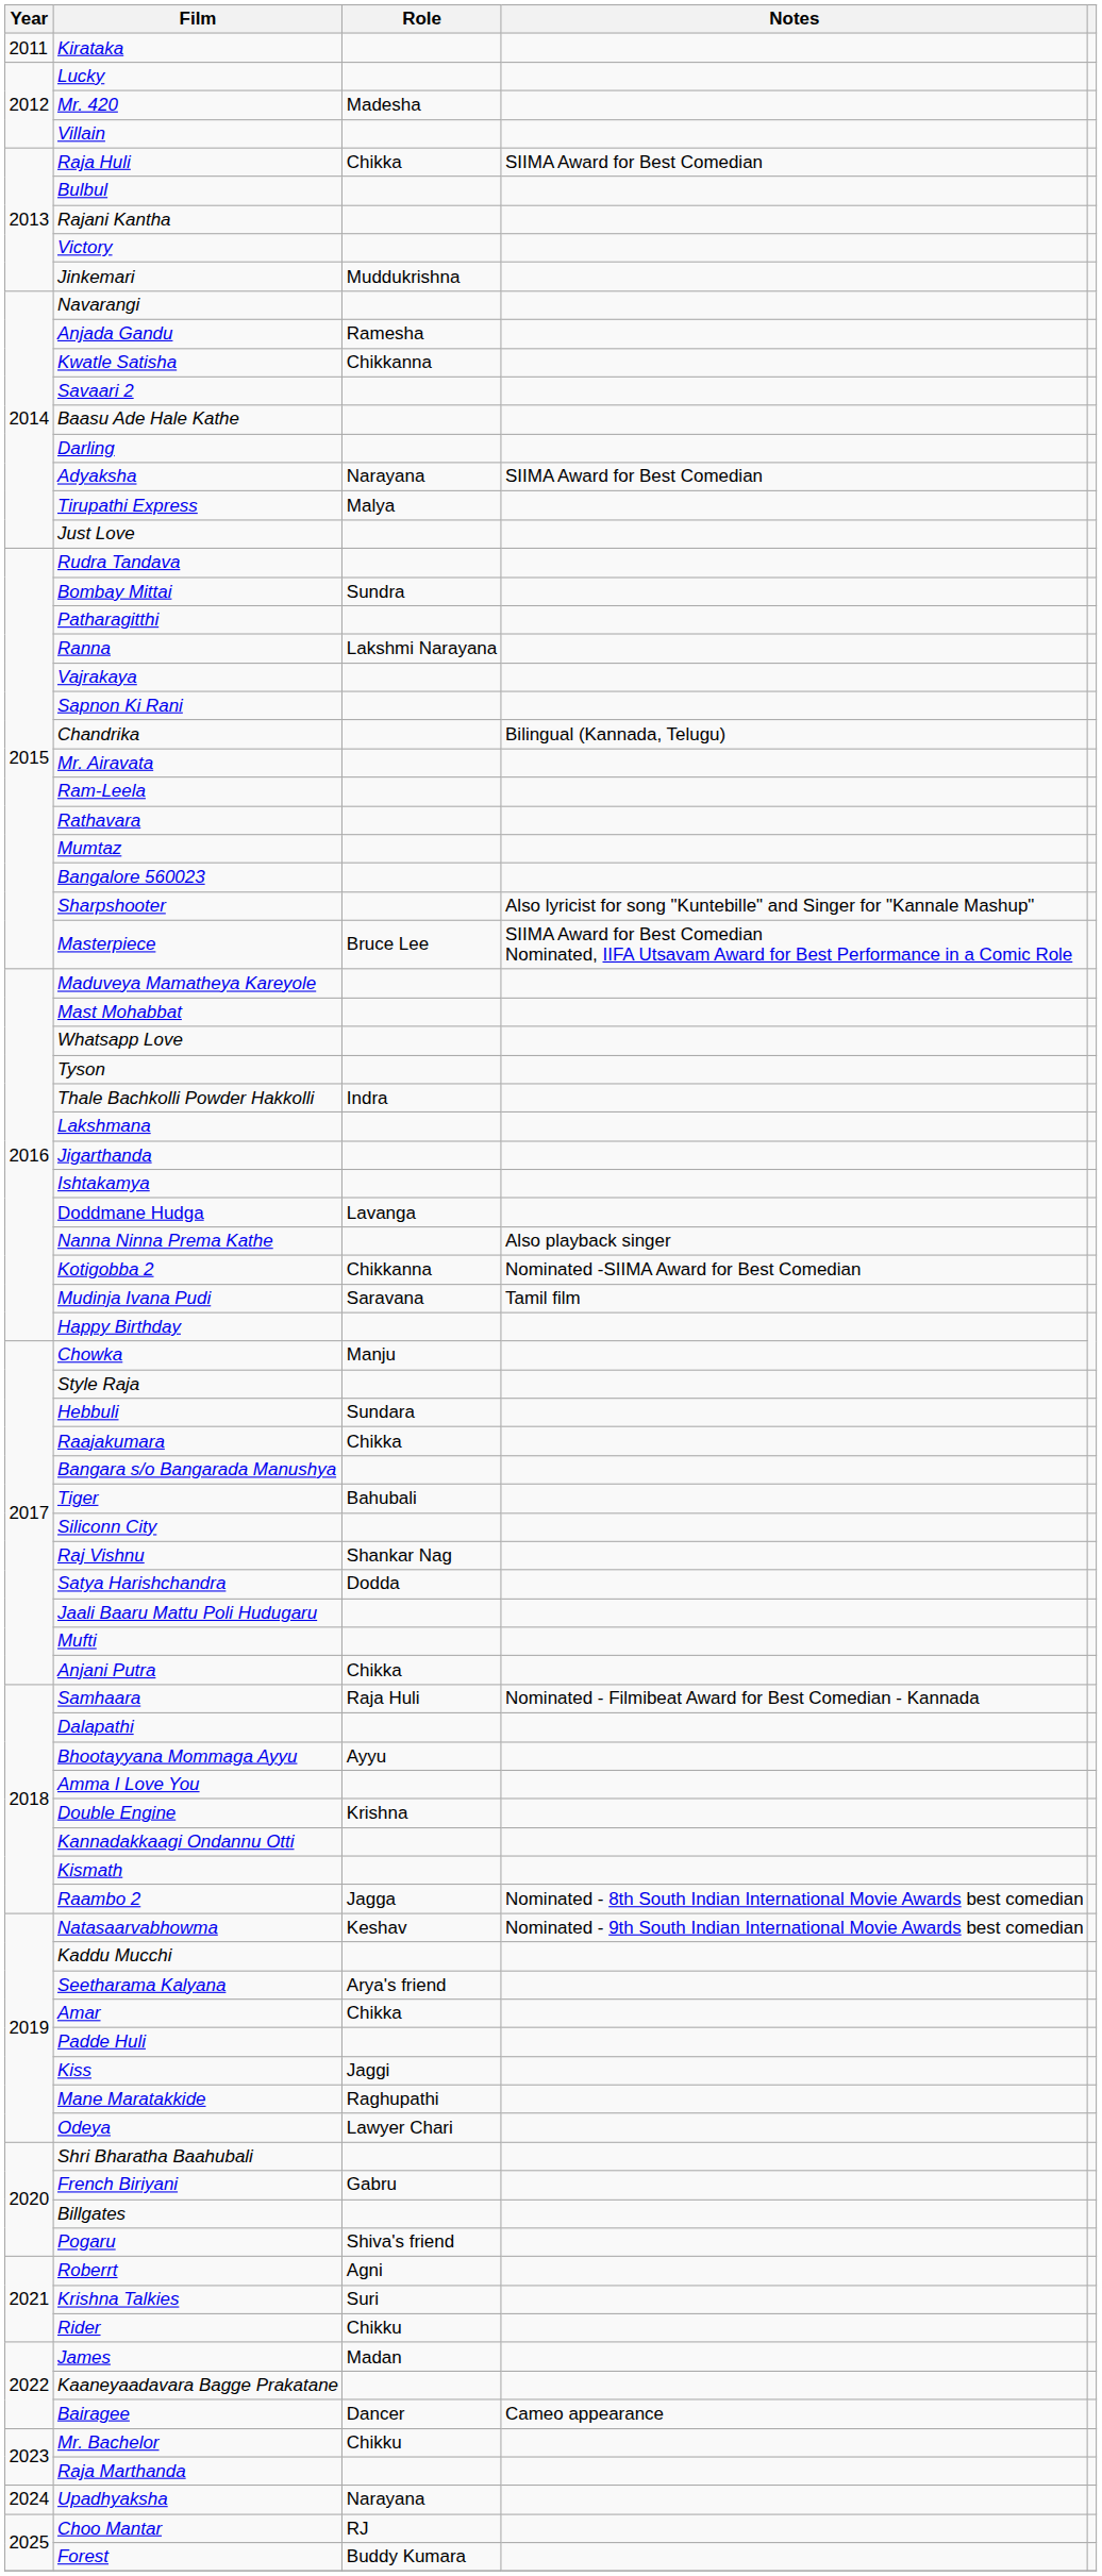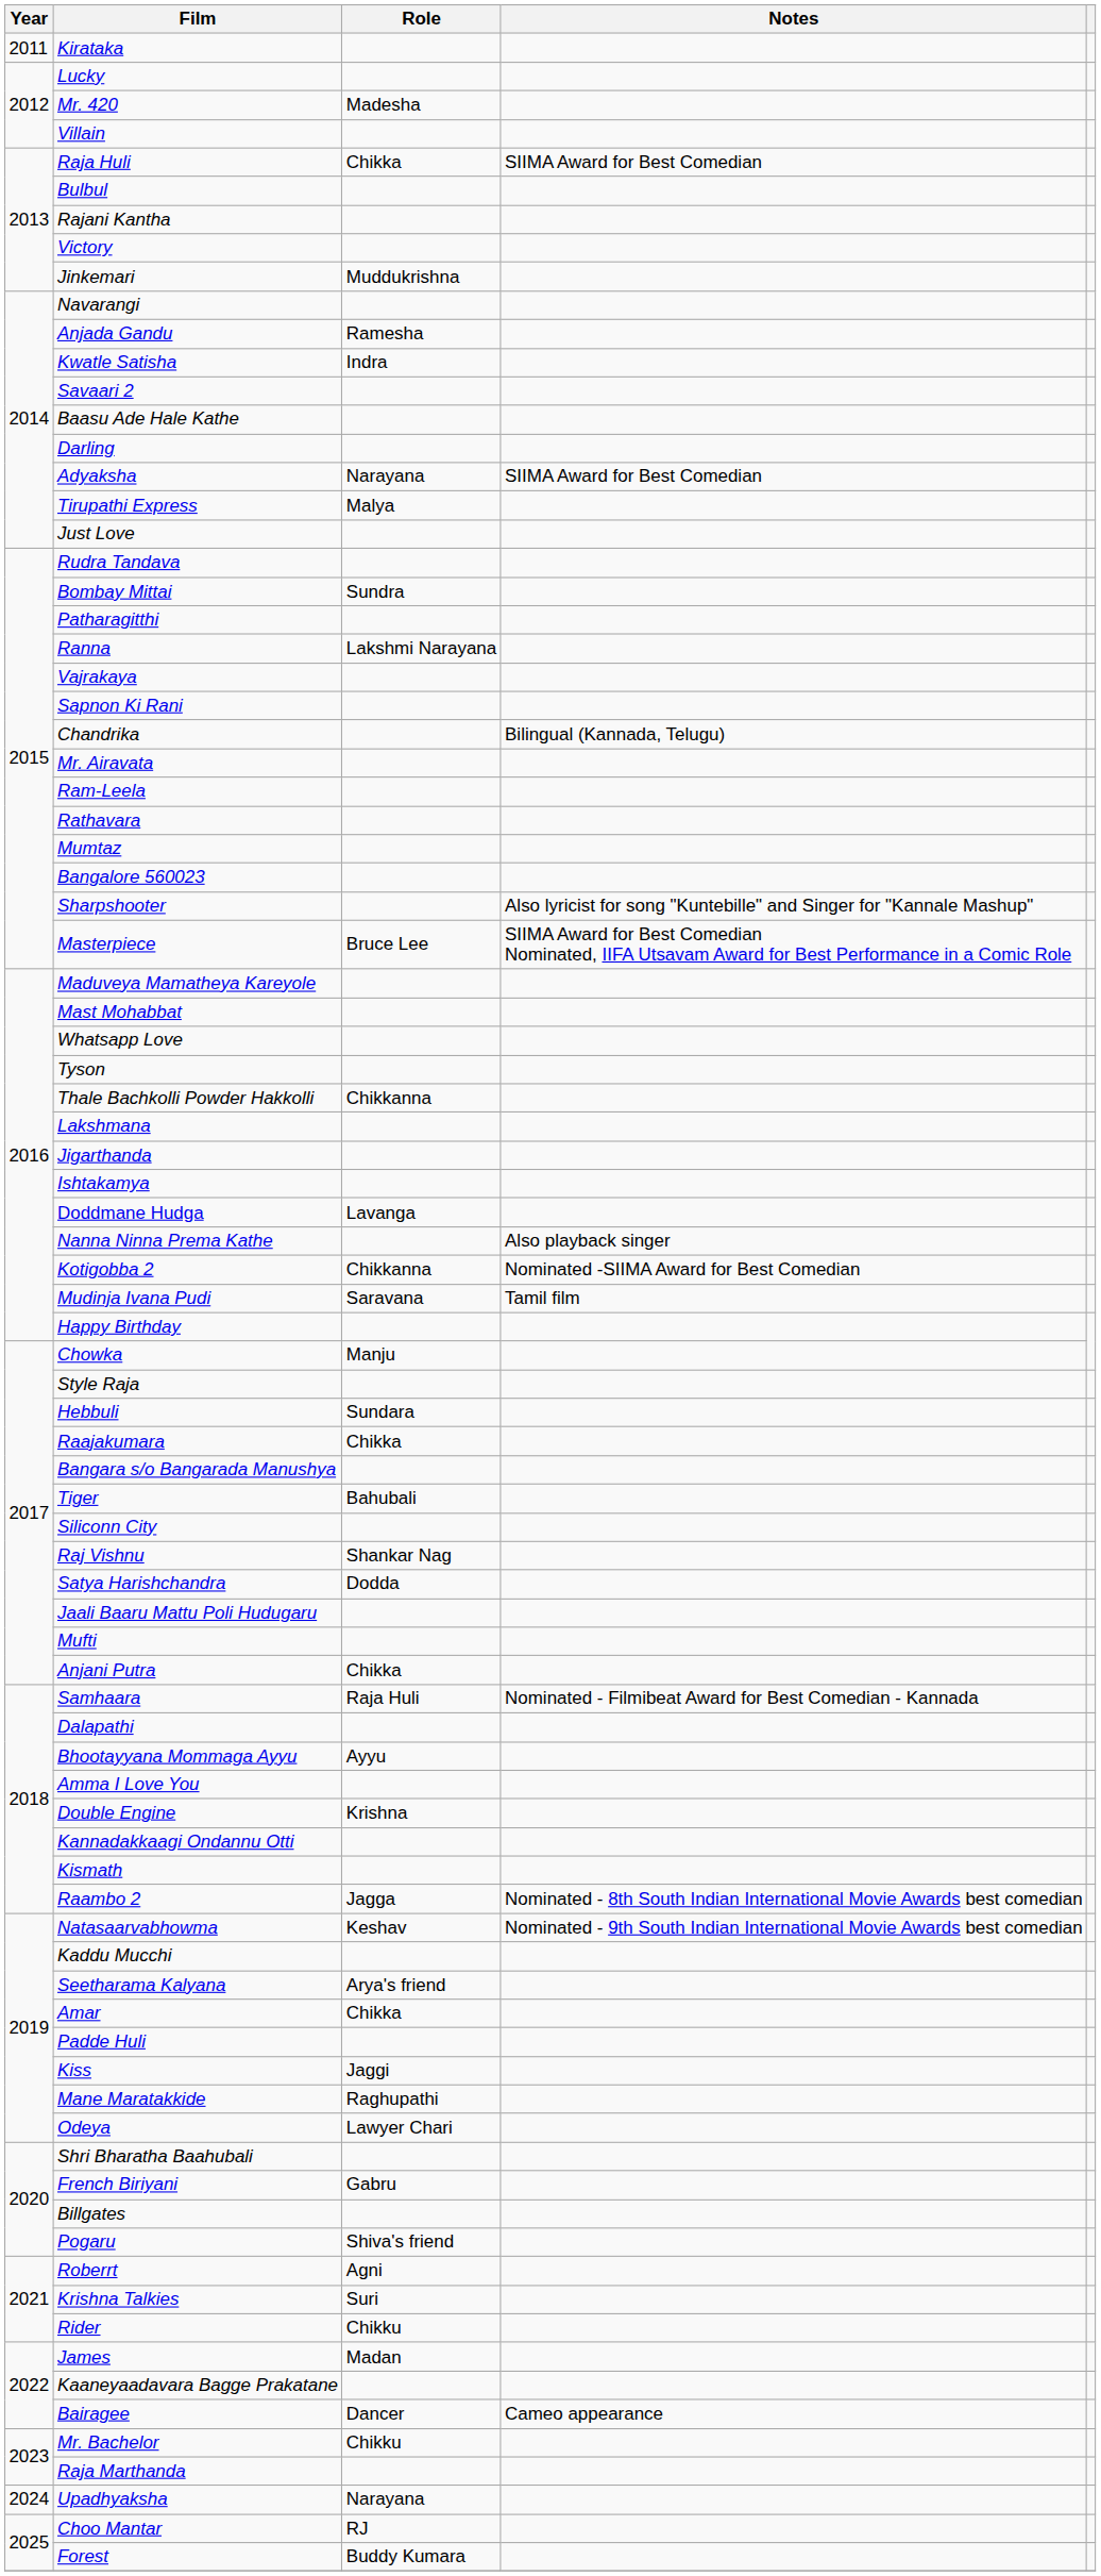 <table class="wikitable sortable">
 <tr>
 <th>Year</th>
 <th>Film</th>
 <th>Role</th>
 <th class="unsortable">Notes</th>
 <th></th>
 </tr>
 <tr>
 <td>2011</td>
 <td><em><a href='#'>Kirataka</a></em></td>
 <td></td>
 <td></td>
 <td></td>
 </tr>
 <tr>
 <td rowspan="3">2012</td>
 <td><em><a href='#'>Lucky</a></em></td>
 <td></td>
 <td></td>
 <td></td>
 </tr>
 <tr>
 <td><em><a href='#'>Mr. 420</a></em></td>
 <td>Madesha</td>
 <td></td>
 <td></td>
 </tr>
 <tr>
 <td><em><a href='#'>Villain</a></em></td>
 <td></td>
 <td></td>
 <td></td>
 </tr>
 <tr>
 <td rowspan="5">2013</td>
 <td><em><a href='#'>Raja Huli</a></em></td>
 <td>Chikka</td>
 <td>SIIMA Award for Best Comedian</td>
 <td></td>
 </tr>
 <tr>
 <td><em><a href='#'>Bulbul</a></em></td>
 <td></td>
 <td></td>
 <td></td>
 </tr>
 <tr>
 <td><em>Rajani Kantha </em></td>
 <td></td>
 <td></td>
 <td></td>
 </tr>
 <tr>
 <td><em><a href='#'>Victory</a></em></td>
 <td></td>
 <td></td>
 <td></td>
 </tr>
 <tr>
 <td><em>Jinkemari </em></td>
 <td>Muddukrishna</td>
 <td></td>
 <td></td>
 </tr>
 <tr>
 <td rowspan="9">2014</td>
 <td><em>Navarangi</em></td>
 <td></td>
 <td></td>
 <td></td>
 </tr>
 <tr>
 <td><em><a href='#'>Anjada Gandu</a></em></td>
 <td>Ramesha</td>
 <td></td>
 <td></td>
 </tr>
 <tr>
 <td><em><a href='#'>Kwatle Satisha</a></em></td>
-<td>Chikkanna</td>
+<td>Indra</td>
 <td></td>
 <td></td>
 </tr>
 <tr>
 <td><em><a href='#'>Savaari 2</a></em></td>
 <td></td>
 <td></td>
 <td></td>
 </tr>
 <tr>
 <td><em>Baasu Ade Hale Kathe</em></td>
 <td></td>
 <td></td>
 <td></td>
 </tr>
 <tr>
 <td><em><a href='#'>Darling</a></em></td>
 <td></td>
 <td></td>
 <td></td>
 </tr>
 <tr>
 <td><em><a href='#'>Adyaksha</a></em></td>
 <td>Narayana</td>
 <td>SIIMA Award for Best Comedian</td>
 <td></td>
 </tr>
 <tr>
 <td><em><a href='#'>Tirupathi Express</a></em></td>
 <td>Malya</td>
 <td></td>
 <td></td>
 </tr>
 <tr>
 <td><em>Just Love</em></td>
 <td></td>
 <td></td>
 <td></td>
 </tr>
 <tr>
 <td rowspan="14">2015</td>
 <td><em><a href='#'>Rudra Tandava</a></em></td>
 <td></td>
 <td></td>
 <td></td>
 </tr>
 <tr>
 <td><em><a href='#'>Bombay Mittai</a></em></td>
 <td>Sundra</td>
 <td></td>
 <td></td>
 </tr>
 <tr>
 <td><em><a href='#'>Patharagitthi</a></em></td>
 <td></td>
 <td></td>
 <td></td>
 </tr>
 <tr>
 <td><em><a href='#'>Ranna</a></em></td>
 <td>Lakshmi Narayana</td>
 <td></td>
 <td></td>
 </tr>
 <tr>
 <td><em><a href='#'>Vajrakaya</a></em></td>
 <td></td>
 <td></td>
 <td></td>
 </tr>
 <tr>
 <td><em><a href='#'>Sapnon Ki Rani</a></em></td>
 <td></td>
 <td></td>
 <td></td>
 </tr>
 <tr>
 <td><em>Chandrika</em></td>
 <td></td>
 <td>Bilingual (Kannada, Telugu)</td>
 <td></td>
 </tr>
 <tr>
 <td><em><a href='#'>Mr. Airavata</a></em></td>
 <td></td>
 <td></td>
 <td></td>
 </tr>
 <tr>
 <td><em><a href='#'>Ram-Leela</a></em></td>
 <td></td>
 <td></td>
 <td></td>
 </tr>
 <tr>
 <td><em><a href='#'>Rathavara</a></em></td>
 <td></td>
 <td></td>
 <td></td>
 </tr>
 <tr>
 <td><em><a href='#'>Mumtaz</a></em></td>
 <td></td>
 <td></td>
 <td></td>
 </tr>
 <tr>
 <td><em><a href='#'>Bangalore 560023</a></em></td>
 <td></td>
 <td></td>
 <td></td>
 </tr>
 <tr>
 <td><em><a href='#'>Sharpshooter</a></em></td>
 <td></td>
 <td>Also lyricist for song "Kuntebille" and Singer for "Kannale Mashup"</td>
 <td></td>
 </tr>
 <tr>
 <td><em><a href='#'>Masterpiece</a></em></td>
 <td>Bruce Lee</td>
 <td>SIIMA Award for Best Comedian<br>Nominated, <a href='#'>IIFA Utsavam Award for Best Performance in a Comic Role</a></td>
 <td></td>
 </tr>
 <tr>
 <td rowspan="13">2016</td>
 <td><em><a href='#'>Maduveya Mamatheya Kareyole</a></em></td>
 <td></td>
 <td></td>
 <td></td>
 </tr>
 <tr>
 <td><em><a href='#'>Mast Mohabbat</a></em></td>
 <td></td>
 <td></td>
 <td></td>
 </tr>
 <tr>
 <td><em>Whatsapp Love</em></td>
 <td></td>
 <td></td>
 <td></td>
 </tr>
 <tr>
 <td><em>Tyson</em></td>
 <td></td>
 <td></td>
 <td></td>
 </tr>
 <tr>
 <td><em>Thale Bachkolli Powder Hakkolli</em></td>
-<td>Indra</td>
+<td>Chikkanna</td>
 <td></td>
 <td></td>
 </tr>
 <tr>
 <td><em><a href='#'>Lakshmana</a></em></td>
 <td></td>
 <td></td>
 <td></td>
 </tr>
 <tr>
 <td><em><a href='#'>Jigarthanda</a></em></td>
 <td></td>
 <td></td>
 <td></td>
 </tr>
 <tr>
 <td><em><a href='#'>Ishtakamya</a></em></td>
 <td></td>
 <td></td>
 <td></td>
 </tr>
 <tr>
 <td><a href='#'>Doddmane Hudga</a></td>
 <td>Lavanga</td>
 <td></td>
 <td></td>
 </tr>
 <tr>
 <td><em><a href='#'>Nanna Ninna Prema Kathe</a></em></td>
 <td></td>
 <td>Also playback singer</td>
 <td></td>
 </tr>
 <tr>
 <td><em><a href='#'>Kotigobba 2</a></em></td>
 <td>Chikkanna</td>
 <td>Nominated -SIIMA Award for Best Comedian</td>
 <td></td>
 </tr>
 <tr>
 <td><em><a href='#'>Mudinja Ivana Pudi</a></em></td>
 <td>Saravana</td>
 <td>Tamil film</td>
 <td></td>
 </tr>
 <tr>
 <td><em><a href='#'>Happy Birthday</a></em></td>
 <td></td>
 <td></td>
 </tr>
 <tr>
 <td rowspan="12">2017</td>
 <td><em><a href='#'>Chowka</a></em></td>
 <td>Manju</td>
 <td></td>
 </tr>
 <tr>
 <td><em>Style Raja</em></td>
 <td></td>
 <td></td>
 <td></td>
 </tr>
 <tr>
 <td><em><a href='#'>Hebbuli</a></em></td>
 <td>Sundara</td>
 <td></td>
 <td></td>
 </tr>
 <tr>
 <td><em><a href='#'>Raajakumara</a></em></td>
 <td>Chikka</td>
 <td></td>
 <td></td>
 </tr>
 <tr>
 <td><em><a href='#'>Bangara s/o Bangarada Manushya</a></em></td>
 <td></td>
 <td></td>
 <td></td>
 </tr>
 <tr>
 <td><em><a href='#'>Tiger</a></em></td>
 <td>Bahubali</td>
 <td></td>
 <td></td>
 </tr>
 <tr>
 <td><em><a href='#'>Siliconn City</a></em></td>
 <td></td>
 <td></td>
 <td></td>
 </tr>
 <tr>
 <td><em><a href='#'>Raj Vishnu</a></em></td>
 <td>Shankar Nag</td>
 <td></td>
 <td></td>
 </tr>
 <tr>
 <td><em><a href='#'>Satya Harishchandra</a></em></td>
 <td>Dodda</td>
 <td></td>
 <td></td>
 </tr>
 <tr>
 <td><em><a href='#'>Jaali Baaru Mattu Poli Hudugaru</a></em></td>
 <td></td>
 <td></td>
 <td></td>
 </tr>
 <tr>
 <td><em><a href='#'>Mufti</a></em></td>
 <td></td>
 <td></td>
 <td></td>
 </tr>
 <tr>
 <td><em><a href='#'>Anjani Putra</a></em></td>
 <td>Chikka</td>
 <td></td>
 <td></td>
 </tr>
 <tr>
 <td rowspan="8">2018</td>
 <td><em><a href='#'>Samhaara</a></em></td>
 <td>Raja Huli</td>
 <td>Nominated - Filmibeat Award for Best Comedian - Kannada</td>
 <td></td>
 </tr>
 <tr>
 <td><em><a href='#'>Dalapathi</a></em></td>
 <td></td>
 <td></td>
 <td></td>
 </tr>
 <tr>
 <td><em><a href='#'>Bhootayyana Mommaga Ayyu</a></em></td>
 <td>Ayyu</td>
 <td></td>
 <td></td>
 </tr>
 <tr>
 <td><em><a href='#'>Amma I Love You</a></em></td>
 <td></td>
 <td></td>
 <td></td>
 </tr>
 <tr>
 <td><em><a href='#'>Double Engine</a></em></td>
 <td>Krishna</td>
 <td></td>
 <td></td>
 </tr>
 <tr>
 <td><em><a href='#'>Kannadakkaagi Ondannu Otti</a></em></td>
 <td></td>
 <td></td>
 <td></td>
 </tr>
 <tr>
 <td><em><a href='#'>Kismath</a></em></td>
 <td></td>
 <td></td>
 <td></td>
 </tr>
 <tr>
 <td><em><a href='#'>Raambo 2</a></em></td>
 <td>Jagga</td>
 <td>Nominated - <a href='#'>8th South Indian International Movie Awards</a> best comedian</td>
 <td></td>
 </tr>
 <tr>
 <td rowspan="8">2019</td>
 <td><em><a href='#'>Natasaarvabhowma</a></em></td>
 <td>Keshav</td>
 <td>Nominated - <a href='#'>9th South Indian International Movie Awards</a> best comedian</td>
 <td></td>
 </tr>
 <tr>
 <td><em>Kaddu Mucchi</em></td>
 <td></td>
 <td></td>
 </tr>
 <tr>
 <td><em><a href='#'>Seetharama Kalyana</a></em></td>
 <td>Arya's friend</td>
 <td></td>
 <td></td>
 </tr>
 <tr>
 <td><em><a href='#'>Amar</a></em></td>
 <td>Chikka</td>
 <td></td>
 <td></td>
 </tr>
 <tr>
 <td><em><a href='#'>Padde Huli</a></em></td>
 <td></td>
 <td></td>
 <td></td>
 </tr>
 <tr>
 <td><a href='#'><em>Kiss</em></a></td>
 <td>Jaggi</td>
 <td></td>
 <td></td>
 </tr>
 <tr>
 <td><em><a href='#'>Mane Maratakkide</a></em></td>
 <td>Raghupathi</td>
 <td></td>
 <td></td>
 </tr>
 <tr>
 <td><em><a href='#'>Odeya</a></em></td>
 <td>Lawyer Chari</td>
 <td></td>
 <td></td>
 </tr>
 <tr>
 <td rowspan="4">2020</td>
 <td><em>Shri Bharatha Baahubali</em></td>
 <td></td>
 <td></td>
 </tr>
 <tr>
 <td><em><a href='#'>French Biriyani</a></em></td>
 <td>Gabru</td>
 <td></td>
 <td></td>
 </tr>
 <tr>
 <td><em>Billgates</em></td>
 <td></td>
 <td></td>
 <td></td>
 </tr>
 <tr>
 <td><em><a href='#'>Pogaru</a></em></td>
 <td>Shiva's friend</td>
 <td></td>
 <td></td>
 </tr>
 <tr>
 <td rowspan="3">2021</td>
 <td><em><a href='#'>Roberrt</a></em></td>
 <td>Agni</td>
 <td></td>
 <td></td>
 </tr>
 <tr>
 <td><em><a href='#'>Krishna Talkies</a></em></td>
 <td>Suri</td>
 <td></td>
 <td></td>
 </tr>
 <tr>
 <td><em><a href='#'>Rider</a></em></td>
 <td>Chikku</td>
 <td></td>
 <td></td>
 </tr>
 <tr>
 <td rowspan="3">2022</td>
 <td><em><a href='#'>James</a></em></td>
 <td>Madan</td>
 <td></td>
 <td></td>
 </tr>
 <tr>
 <td><em>Kaaneyaadavara Bagge Prakatane</em></td>
 <td></td>
 <td></td>
 <td></td>
 </tr>
 <tr>
 <td><em><a href='#'>Bairagee</a></em></td>
 <td>Dancer</td>
 <td>Cameo appearance</td>
 <td></td>
 </tr>
 <tr>
 <td rowspan="2">2023</td>
 <td><em><a href='#'>Mr. Bachelor</a></em></td>
 <td>Chikku</td>
 <td></td>
 <td></td>
 </tr>
 <tr>
 <td><em><a href='#'>Raja Marthanda</a></em></td>
 <td></td>
 <td></td>
 <td></td>
 </tr>
 <tr>
 <td>2024</td>
 <td><em><a href='#'>Upadhyaksha</a></em></td>
 <td>Narayana</td>
 <td></td>
 <td></td>
 </tr>
 <tr>
 <td rowspan="2">2025</td>
 <td><em><a href='#'>Choo Mantar</a></em></td>
 <td>RJ</td>
 <td></td>
 <td></td>
 </tr>
 <tr>
 <td><em><a href='#'>Forest</a></em></td>
 <td>Buddy Kumara</td>
 <td></td>
 <td></td>
 </tr>
 <tr>
 </tr>
 </table>
